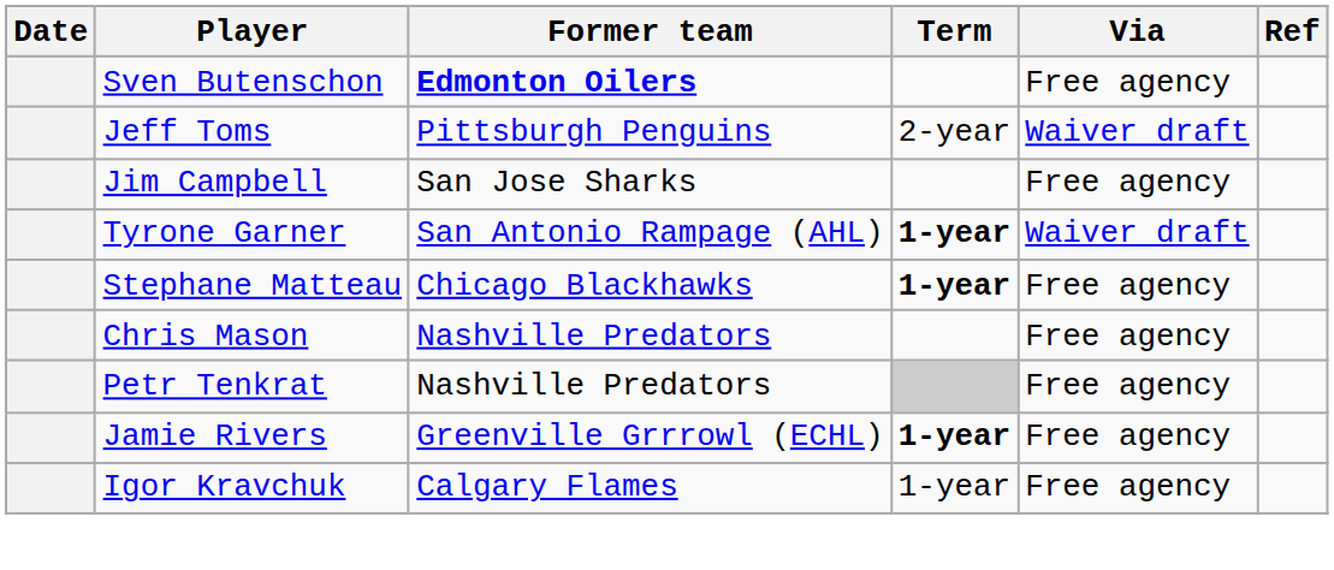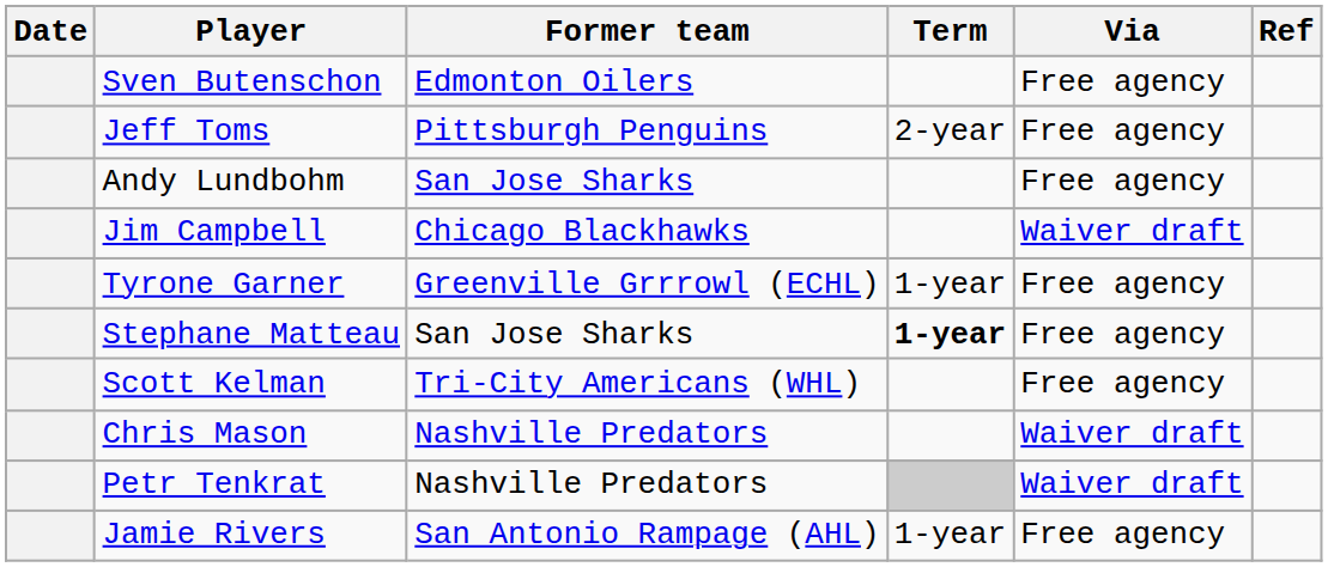 <table class="wikitable plainrowheaders">
 <tr style="background:#ddd; text-align:center;">
 <th>Date</th>
 <th>Player</th>
 <th>Former team</th>
 <th>Term</th>
 <th>Via</th>
 <th>Ref</th>
 </tr>
 <tr>
 <th scope="row"></th>
 <td><a href='#'>Sven Butenschon</a></td>
-<td><strong><a href='#'>Edmonton Oilers</a></strong></td>
+<td><a href='#'>Edmonton Oilers</a></td>
 <td></td>
 <td>Free agency</td>
 <td></td>
 </tr>
 <tr>
 <th scope="row"></th>
 <td><a href='#'>Jeff Toms</a></td>
 <td><a href='#'>Pittsburgh Penguins</a></td>
 <td>2-year</td>
-<td><a href='#'>Waiver draft</a></td>
+<td>Free agency</td>
 <td></td>
 </tr>
 <tr>
 <th scope="row"></th>
-<td><a href='#'>Jim Campbell</a></td>
-<td>San Jose Sharks</td>
+<td>Andy Lundbohm</td>
+<td><a href='#'>San Jose Sharks</a></td>
 <td></td>
 <td>Free agency</td>
 <td></td>
 </tr>
 <tr>
 <th scope="row"></th>
-<td><a href='#'>Tyrone Garner</a></td>
-<td><a href='#'>San Antonio Rampage</a> (<a href='#'>AHL</a>)</td>
-<td><strong>1-year</strong></td>
+<td><a href='#'>Jim Campbell</a></td>
+<td><a href='#'>Chicago Blackhawks</a></td>
+<td></td>
 <td><a href='#'>Waiver draft</a></td>
 <td></td>
 </tr>
 <tr>
 <th scope="row"></th>
+<td><a href='#'>Tyrone Garner</a></td>
+<td><a href='#'>Greenville Grrrowl</a> (<a href='#'>ECHL</a>)</td>
+<td>1-year</td>
+<td>Free agency</td>
+<td></td>
+</tr>
+<tr>
+<th scope="row"></th>
 <td><a href='#'>Stephane Matteau</a></td>
-<td><a href='#'>Chicago Blackhawks</a></td>
+<td>San Jose Sharks</td>
 <td><strong>1-year</strong></td>
+<td>Free agency</td>
+<td></td>
+</tr>
+<tr>
+<th scope="row"></th>
+<td><a href='#'>Scott Kelman</a></td>
+<td><a href='#'>Tri-City Americans</a> (<a href='#'>WHL</a>)</td>
+<td></td>
 <td>Free agency</td>
 <td></td>
 </tr>
 <tr>
 <th scope="row"></th>
 <td><a href='#'>Chris Mason</a></td>
 <td><a href='#'>Nashville Predators</a></td>
 <td></td>
-<td>Free agency</td>
+<td><a href='#'>Waiver draft</a></td>
 <td></td>
 </tr>
 <tr>
 <th scope="row"></th>
 <td><a href='#'>Petr Tenkrat</a></td>
 <td>Nashville Predators</td>
 <td style="background:#ccc"></td>
-<td>Free agency</td>
+<td><a href='#'>Waiver draft</a></td>
 <td></td>
 </tr>
 <tr>
 <th scope="row"></th>
 <td><a href='#'>Jamie Rivers</a></td>
-<td><a href='#'>Greenville Grrrowl</a> (<a href='#'>ECHL</a>)</td>
-<td><strong>1-year</strong></td>
-<td>Free agency</td>
-<td></td>
-</tr>
-<tr>
-<th scope="row"></th>
-<td><a href='#'>Igor Kravchuk</a></td>
-<td><a href='#'>Calgary Flames</a></td>
+<td><a href='#'>San Antonio Rampage</a> (<a href='#'>AHL</a>)</td>
 <td>1-year</td>
 <td>Free agency</td>
 <td></td>
 </tr>
 </table>
